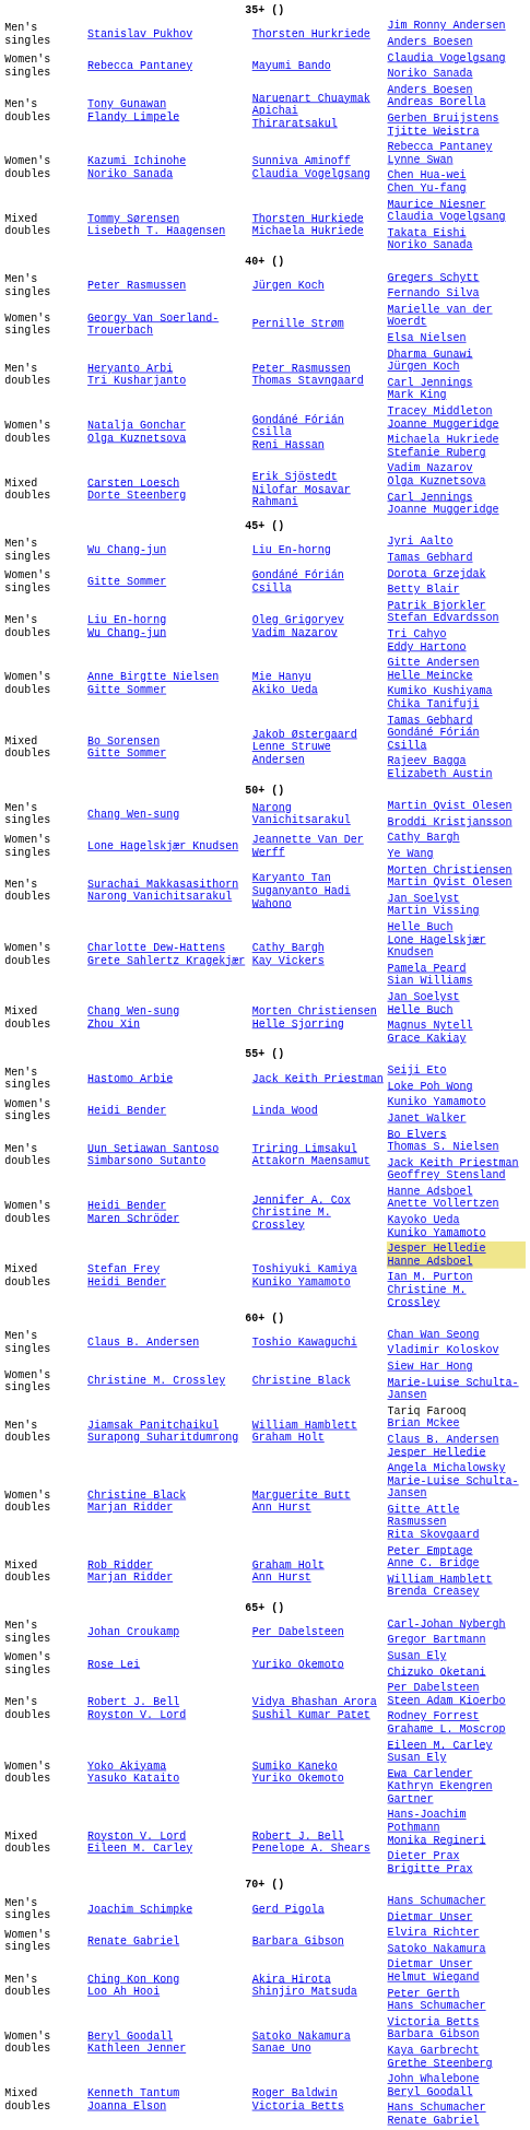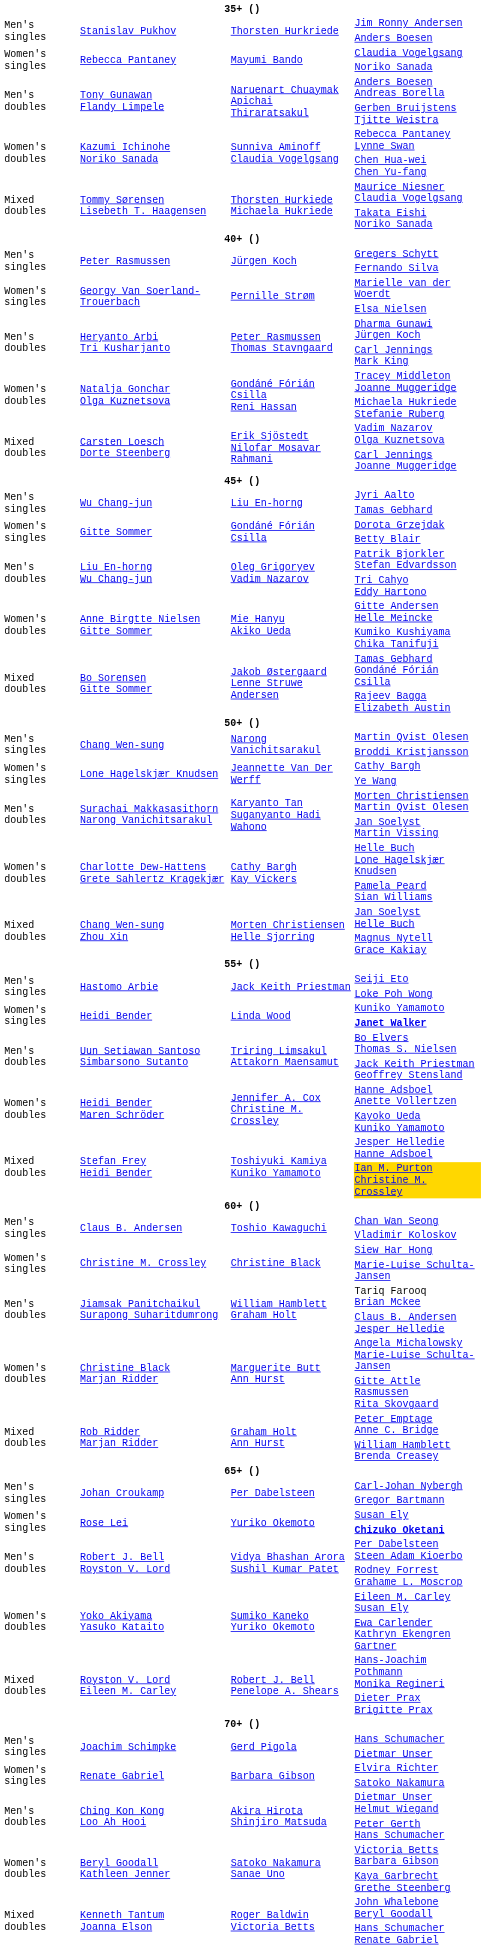 <table>
 <tr>
 <th colspan="4">35+ ()</th>
 </tr>
 <tr>
 <td rowspan="2">Men's singles</td>
 <td rowspan="2"> <a href='#'>Stanislav Pukhov</a></td>
 <td rowspan="2"> <a href='#'>Thorsten Hurkriede</a></td>
 <td> <a href='#'>Jim Ronny Andersen</a></td>
 </tr>
 <tr>
 <td> <a href='#'>Anders Boesen</a></td>
 </tr>
 <tr>
 <td rowspan="2">Women's singles</td>
 <td rowspan="2"> <a href='#'>Rebecca Pantaney</a></td>
 <td rowspan="2"> <a href='#'>Mayumi Bando</a></td>
 <td> <a href='#'>Claudia Vogelgsang</a></td>
 </tr>
 <tr>
 <td> <a href='#'>Noriko Sanada</a></td>
 </tr>
 <tr>
 <td rowspan="2">Men's doubles</td>
 <td rowspan="2"> <a href='#'>Tony Gunawan</a><br> <a href='#'>Flandy Limpele</a></td>
 <td rowspan="2"> <a href='#'>Naruenart Chuaymak</a><br> <a href='#'>Apichai Thiraratsakul</a></td>
 <td> <a href='#'>Anders Boesen</a><br> <a href='#'>Andreas Borella</a></td>
 </tr>
 <tr>
 <td> <a href='#'>Gerben Bruijstens</a><br> <a href='#'>Tjitte Weistra</a></td>
 </tr>
 <tr>
 <td rowspan="2">Women's doubles</td>
 <td rowspan="2"> <a href='#'>Kazumi Ichinohe</a><br> <a href='#'>Noriko Sanada</a></td>
 <td rowspan="2"> <a href='#'>Sunniva Aminoff</a><br> <a href='#'>Claudia Vogelgsang</a></td>
 <td> <a href='#'>Rebecca Pantaney</a><br> <a href='#'>Lynne Swan</a></td>
 </tr>
 <tr>
 <td> <a href='#'>Chen Hua-wei</a><br> <a href='#'>Chen Yu-fang</a></td>
 </tr>
 <tr>
 <td rowspan="2">Mixed doubles</td>
 <td rowspan="2"> <a href='#'>Tommy Sørensen</a><br> <a href='#'>Lisebeth T. Haagensen</a></td>
 <td rowspan="2"> <a href='#'>Thorsten Hurkiede</a><br> <a href='#'>Michaela Hukriede</a></td>
 <td> <a href='#'>Maurice Niesner</a><br> <a href='#'>Claudia Vogelgsang</a></td>
 </tr>
 <tr>
 <td> <a href='#'>Takata Eishi</a><br> <a href='#'>Noriko Sanada</a></td>
 </tr>
 <tr>
 <th colspan="4">40+ ()</th>
 </tr>
 <tr>
 <td rowspan="2">Men's singles</td>
 <td rowspan="2"> <a href='#'>Peter Rasmussen</a></td>
 <td rowspan="2"> <a href='#'>Jürgen Koch</a></td>
 <td> <a href='#'>Gregers Schytt</a></td>
 </tr>
 <tr>
 <td> <a href='#'>Fernando Silva</a></td>
 </tr>
 <tr>
 <td rowspan="2">Women's singles</td>
 <td rowspan="2"> <a href='#'>Georgy Van Soerland-Trouerbach</a></td>
 <td rowspan="2"> <a href='#'>Pernille Strøm</a></td>
 <td> <a href='#'>Marielle van der Woerdt</a></td>
 </tr>
 <tr>
 <td> <a href='#'>Elsa Nielsen</a></td>
 </tr>
 <tr>
 <td rowspan="2">Men's doubles</td>
 <td rowspan="2"> <a href='#'>Heryanto Arbi</a><br> <a href='#'>Tri Kusharjanto</a></td>
 <td rowspan="2"> <a href='#'>Peter Rasmussen</a><br> <a href='#'>Thomas Stavngaard</a></td>
 <td> <a href='#'>Dharma Gunawi</a><br> <a href='#'>Jürgen Koch</a></td>
 </tr>
 <tr>
 <td> <a href='#'>Carl Jennings</a><br> <a href='#'>Mark King</a></td>
 </tr>
 <tr>
 <td rowspan="2">Women's doubles</td>
 <td rowspan="2"> <a href='#'>Natalja Gonchar</a><br> <a href='#'>Olga Kuznetsova</a></td>
 <td rowspan="2"> <a href='#'>Gondáné Fórián Csilla</a><br> <a href='#'>Reni Hassan</a></td>
 <td> <a href='#'>Tracey Middleton</a><br> <a href='#'>Joanne Muggeridge</a></td>
 </tr>
 <tr>
 <td> <a href='#'>Michaela Hukriede</a><br> <a href='#'>Stefanie Ruberg</a></td>
 </tr>
 <tr>
 <td rowspan="2">Mixed doubles</td>
 <td rowspan="2"> <a href='#'>Carsten Loesch</a><br> <a href='#'>Dorte Steenberg</a></td>
 <td rowspan="2"> <a href='#'>Erik Sjöstedt</a><br> <a href='#'>Nilofar Mosavar Rahmani</a></td>
 <td> <a href='#'>Vadim Nazarov</a><br> <a href='#'>Olga Kuznetsova</a></td>
 </tr>
 <tr>
 <td> <a href='#'>Carl Jennings</a><br> <a href='#'>Joanne Muggeridge</a></td>
 </tr>
 <tr>
 <th colspan="4">45+ ()</th>
 </tr>
 <tr>
 <td rowspan="2">Men's singles</td>
 <td rowspan="2"> <a href='#'>Wu Chang-jun</a></td>
 <td rowspan="2"> <a href='#'>Liu En-horng</a></td>
 <td> <a href='#'>Jyri Aalto</a></td>
 </tr>
 <tr>
 <td> <a href='#'>Tamas Gebhard</a></td>
 </tr>
 <tr>
 <td rowspan="2">Women's singles</td>
 <td rowspan="2"> <a href='#'>Gitte Sommer</a></td>
 <td rowspan="2"> <a href='#'>Gondáné Fórián Csilla</a></td>
 <td> <a href='#'>Dorota Grzejdak</a></td>
 </tr>
 <tr>
 <td> <a href='#'>Betty Blair</a></td>
 </tr>
 <tr>
 <td rowspan="2">Men's doubles</td>
 <td rowspan="2"> <a href='#'>Liu En-horng</a><br> <a href='#'>Wu Chang-jun</a></td>
 <td rowspan="2"> <a href='#'>Oleg Grigoryev</a><br> <a href='#'>Vadim Nazarov</a></td>
 <td> <a href='#'>Patrik Bjorkler</a><br> <a href='#'>Stefan Edvardsson</a></td>
 </tr>
 <tr>
 <td> <a href='#'>Tri Cahyo</a><br> <a href='#'>Eddy Hartono</a></td>
 </tr>
 <tr>
 <td rowspan="2">Women's doubles</td>
 <td rowspan="2"> <a href='#'>Anne Birgtte Nielsen</a><br> <a href='#'>Gitte Sommer</a></td>
 <td rowspan="2"> <a href='#'>Mie Hanyu</a><br> <a href='#'>Akiko Ueda</a></td>
 <td> <a href='#'>Gitte Andersen</a><br> <a href='#'>Helle Meincke</a></td>
 </tr>
 <tr>
 <td> <a href='#'>Kumiko Kushiyama</a><br> <a href='#'>Chika Tanifuji</a></td>
 </tr>
 <tr>
 <td rowspan="2">Mixed doubles</td>
 <td rowspan="2"> <a href='#'>Bo Sorensen</a><br> <a href='#'>Gitte Sommer</a></td>
 <td rowspan="2"> <a href='#'>Jakob Østergaard</a><br> <a href='#'>Lenne Struwe Andersen</a></td>
 <td> <a href='#'>Tamas Gebhard</a><br> <a href='#'>Gondáné Fórián Csilla</a></td>
 </tr>
 <tr>
 <td> <a href='#'>Rajeev Bagga</a><br> <a href='#'>Elizabeth Austin</a></td>
 </tr>
 <tr>
 <th colspan="4">50+ ()</th>
 </tr>
 <tr>
 <td rowspan="2">Men's singles</td>
 <td rowspan="2"> <a href='#'>Chang Wen-sung</a></td>
 <td rowspan="2"> <a href='#'>Narong Vanichitsarakul</a></td>
 <td> <a href='#'>Martin Qvist Olesen</a></td>
 </tr>
 <tr>
 <td> <a href='#'>Broddi Kristjansson</a></td>
 </tr>
 <tr>
 <td rowspan="2">Women's singles</td>
 <td rowspan="2"> <a href='#'>Lone Hagelskjær Knudsen</a></td>
 <td rowspan="2"> <a href='#'>Jeannette Van Der Werff</a></td>
 <td> <a href='#'>Cathy Bargh</a></td>
 </tr>
 <tr>
 <td> <a href='#'>Ye Wang</a></td>
 </tr>
 <tr>
 <td rowspan="2">Men's doubles</td>
 <td rowspan="2"> <a href='#'>Surachai Makkasasithorn</a><br> <a href='#'>Narong Vanichitsarakul</a></td>
 <td rowspan="2"> <a href='#'>Karyanto Tan</a><br> <a href='#'>Suganyanto Hadi Wahono</a></td>
 <td> <a href='#'>Morten Christiensen</a><br> <a href='#'>Martin Qvist Olesen</a></td>
 </tr>
 <tr>
 <td> <a href='#'>Jan Soelyst</a><br> <a href='#'>Martin Vissing</a></td>
 </tr>
 <tr>
 <td rowspan="2">Women's doubles</td>
 <td rowspan="2"> <a href='#'>Charlotte Dew-Hattens</a><br> <a href='#'>Grete Sahlertz Kragekjær</a></td>
 <td rowspan="2"> <a href='#'>Cathy Bargh</a><br> <a href='#'>Kay Vickers</a></td>
 <td> <a href='#'>Helle Buch</a><br> <a href='#'>Lone Hagelskjær Knudsen</a></td>
 </tr>
 <tr>
 <td> <a href='#'>Pamela Peard</a><br> <a href='#'>Sian Williams</a></td>
 </tr>
 <tr>
 <td rowspan="2">Mixed doubles</td>
 <td rowspan="2"> <a href='#'>Chang Wen-sung</a><br> <a href='#'>Zhou Xin</a></td>
 <td rowspan="2"> <a href='#'>Morten Christiensen</a><br> <a href='#'>Helle Sjorring</a></td>
 <td> <a href='#'>Jan Soelyst</a><br> <a href='#'>Helle Buch</a></td>
 </tr>
 <tr>
 <td> <a href='#'>Magnus Nytell</a><br> <a href='#'>Grace Kakiay</a></td>
 </tr>
 <tr>
 <th colspan="4">55+ ()</th>
 </tr>
 <tr>
 <td rowspan="2">Men's singles</td>
 <td rowspan="2"> <a href='#'>Hastomo Arbie</a></td>
 <td rowspan="2"> <a href='#'>Jack Keith Priestman</a></td>
 <td> <a href='#'>Seiji Eto</a></td>
 </tr>
 <tr>
 <td> <a href='#'>Loke Poh Wong</a></td>
 </tr>
 <tr>
 <td rowspan="2">Women's singles</td>
 <td rowspan="2"> <a href='#'>Heidi Bender</a></td>
 <td rowspan="2"> <a href='#'>Linda Wood</a></td>
 <td> <a href='#'>Kuniko Yamamoto</a></td>
 </tr>
 <tr>
-<td> <a href='#'>Janet Walker</a></td>
+<td><strong> <a href='#'>Janet Walker</a></strong></td>
 </tr>
 <tr>
 <td rowspan="2">Men's doubles</td>
 <td rowspan="2"> <a href='#'>Uun Setiawan Santoso</a><br> <a href='#'>Simbarsono Sutanto</a></td>
 <td rowspan="2"> <a href='#'>Triring Limsakul</a><br> <a href='#'>Attakorn Maensamut</a></td>
 <td> <a href='#'>Bo Elvers</a><br> <a href='#'>Thomas S. Nielsen</a></td>
 </tr>
 <tr>
 <td> <a href='#'>Jack Keith Priestman</a><br> <a href='#'>Geoffrey Stensland</a></td>
 </tr>
 <tr>
 <td rowspan="2">Women's doubles</td>
 <td rowspan="2"> <a href='#'>Heidi Bender</a><br> <a href='#'>Maren Schröder</a></td>
 <td rowspan="2"> <a href='#'>Jennifer A. Cox</a><br> <a href='#'>Christine M. Crossley</a></td>
 <td> <a href='#'>Hanne Adsboel</a><br> <a href='#'>Anette Vollertzen</a></td>
 </tr>
 <tr>
 <td> <a href='#'>Kayoko Ueda</a><br> <a href='#'>Kuniko Yamamoto</a></td>
 </tr>
 <tr>
 <td rowspan="2">Mixed doubles</td>
 <td rowspan="2"> <a href='#'>Stefan Frey</a><br> <a href='#'>Heidi Bender</a></td>
 <td rowspan="2"> <a href='#'>Toshiyuki Kamiya</a><br> <a href='#'>Kuniko Yamamoto</a></td>
-<td style="background: khaki;"> <a href='#'>Jesper Helledie</a><br> <a href='#'>Hanne Adsboel</a></td>
+<td> <a href='#'>Jesper Helledie</a><br> <a href='#'>Hanne Adsboel</a></td>
 </tr>
 <tr>
-<td> <a href='#'>Ian M. Purton</a><br> <a href='#'>Christine M. Crossley</a></td>
+<td style="background: gold;"> <a href='#'>Ian M. Purton</a><br> <a href='#'>Christine M. Crossley</a></td>
 </tr>
 <tr>
 <th colspan="4">60+ ()</th>
 </tr>
 <tr>
 <td rowspan="2">Men's singles</td>
 <td rowspan="2"> <a href='#'>Claus B. Andersen</a></td>
 <td rowspan="2"> <a href='#'>Toshio Kawaguchi</a></td>
 <td> <a href='#'>Chan Wan Seong</a></td>
 </tr>
 <tr>
 <td> <a href='#'>Vladimir Koloskov</a></td>
 </tr>
 <tr>
 <td rowspan="2">Women's singles</td>
 <td rowspan="2"> <a href='#'>Christine M. Crossley</a></td>
 <td rowspan="2"> <a href='#'>Christine Black</a></td>
 <td> <a href='#'>Siew Har Hong</a></td>
 </tr>
 <tr>
 <td> <a href='#'>Marie-Luise Schulta-Jansen</a></td>
 </tr>
 <tr>
 <td rowspan="2">Men's doubles</td>
 <td rowspan="2"> <a href='#'>Jiamsak Panitchaikul</a><br> <a href='#'>Surapong Suharitdumrong</a></td>
 <td rowspan="2"> <a href='#'>William Hamblett</a><br> <a href='#'>Graham Holt</a></td>
 <td> Tariq Farooq<br> <a href='#'>Brian Mckee</a></td>
 </tr>
 <tr>
 <td> <a href='#'>Claus B. Andersen</a><br> <a href='#'>Jesper Helledie</a></td>
 </tr>
 <tr>
 <td rowspan="2">Women's doubles</td>
 <td rowspan="2"> <a href='#'>Christine Black</a><br> <a href='#'>Marjan Ridder</a></td>
 <td rowspan="2"> <a href='#'>Marguerite Butt</a><br> <a href='#'>Ann Hurst</a></td>
 <td> <a href='#'>Angela Michalowsky</a><br> <a href='#'>Marie-Luise Schulta-Jansen</a></td>
 </tr>
 <tr>
 <td> <a href='#'>Gitte Attle Rasmussen</a><br> <a href='#'>Rita Skovgaard</a></td>
 </tr>
 <tr>
 <td rowspan="2">Mixed doubles</td>
 <td rowspan="2"> <a href='#'>Rob Ridder</a><br> <a href='#'>Marjan Ridder</a></td>
 <td rowspan="2"> <a href='#'>Graham Holt</a><br> <a href='#'>Ann Hurst</a></td>
 <td> <a href='#'>Peter Emptage</a><br> <a href='#'>Anne C. Bridge</a></td>
 </tr>
 <tr>
 <td> <a href='#'>William Hamblett</a><br> <a href='#'>Brenda Creasey</a></td>
 </tr>
 <tr>
 <th colspan="4">65+ ()</th>
 </tr>
 <tr>
 <td rowspan="2">Men's singles</td>
 <td rowspan="2"> <a href='#'>Johan Croukamp</a></td>
 <td rowspan="2"> <a href='#'>Per Dabelsteen</a></td>
 <td> <a href='#'>Carl-Johan Nybergh</a></td>
 </tr>
 <tr>
 <td> <a href='#'>Gregor Bartmann</a></td>
 </tr>
 <tr>
 <td rowspan="2">Women's singles</td>
 <td rowspan="2"> <a href='#'>Rose Lei</a></td>
 <td rowspan="2"> <a href='#'>Yuriko Okemoto</a></td>
 <td> <a href='#'>Susan Ely</a></td>
 </tr>
 <tr>
-<td> <a href='#'>Chizuko Oketani</a></td>
+<td><strong> <a href='#'>Chizuko Oketani</a></strong></td>
 </tr>
 <tr>
 <td rowspan="2">Men's doubles</td>
 <td rowspan="2"> <a href='#'>Robert J. Bell</a><br> <a href='#'>Royston V. Lord</a></td>
 <td rowspan="2"> <a href='#'>Vidya Bhashan Arora</a><br> <a href='#'>Sushil Kumar Patet</a></td>
 <td> <a href='#'>Per Dabelsteen</a><br> <a href='#'>Steen Adam Kioerbo</a></td>
 </tr>
 <tr>
 <td> <a href='#'>Rodney Forrest</a><br> <a href='#'>Grahame L. Moscrop</a></td>
 </tr>
 <tr>
 <td rowspan="2">Women's doubles</td>
 <td rowspan="2"> <a href='#'>Yoko Akiyama</a><br> <a href='#'>Yasuko Kataito</a></td>
 <td rowspan="2"> <a href='#'>Sumiko Kaneko</a><br> <a href='#'>Yuriko Okemoto</a></td>
 <td> <a href='#'>Eileen M. Carley</a><br> <a href='#'>Susan Ely</a></td>
 </tr>
 <tr>
 <td> <a href='#'>Ewa Carlender</a><br> <a href='#'>Kathryn Ekengren Gartner</a></td>
 </tr>
 <tr>
 <td rowspan="2">Mixed doubles</td>
 <td rowspan="2"> <a href='#'>Royston V. Lord</a><br> <a href='#'>Eileen M. Carley</a></td>
 <td rowspan="2"> <a href='#'>Robert J. Bell</a><br> <a href='#'>Penelope A. Shears</a></td>
 <td> <a href='#'>Hans-Joachim Pothmann</a><br> <a href='#'>Monika Regineri</a></td>
 </tr>
 <tr>
 <td> <a href='#'>Dieter Prax</a><br> <a href='#'>Brigitte Prax</a></td>
 </tr>
 <tr>
 <th colspan="4">70+ ()</th>
 </tr>
 <tr>
 <td rowspan="2">Men's singles</td>
 <td rowspan="2"> <a href='#'>Joachim Schimpke</a></td>
 <td rowspan="2"> <a href='#'>Gerd Pigola</a></td>
 <td> <a href='#'>Hans Schumacher</a></td>
 </tr>
 <tr>
 <td> <a href='#'>Dietmar Unser</a></td>
 </tr>
 <tr>
 <td rowspan="2">Women's singles</td>
 <td rowspan="2"> <a href='#'>Renate Gabriel</a></td>
 <td rowspan="2"> <a href='#'>Barbara Gibson</a></td>
 <td> <a href='#'>Elvira Richter</a></td>
 </tr>
 <tr>
 <td> <a href='#'>Satoko Nakamura</a></td>
 </tr>
 <tr>
 <td rowspan="2">Men's doubles</td>
 <td rowspan="2"> <a href='#'>Ching Kon Kong</a><br> <a href='#'>Loo Ah Hooi</a></td>
 <td rowspan="2"> <a href='#'>Akira Hirota</a><br> <a href='#'>Shinjiro Matsuda</a></td>
 <td> <a href='#'>Dietmar Unser</a><br> <a href='#'>Helmut Wiegand</a></td>
 </tr>
 <tr>
 <td> <a href='#'>Peter Gerth</a><br> <a href='#'>Hans Schumacher</a></td>
 </tr>
 <tr>
 <td rowspan="2">Women's doubles</td>
 <td rowspan="2"> <a href='#'>Beryl Goodall</a><br> <a href='#'>Kathleen Jenner</a></td>
 <td rowspan="2"> <a href='#'>Satoko Nakamura</a><br> <a href='#'>Sanae Uno</a></td>
 <td> <a href='#'>Victoria Betts</a><br> <a href='#'>Barbara Gibson</a></td>
 </tr>
 <tr>
 <td> <a href='#'>Kaya Garbrecht</a><br> <a href='#'>Grethe Steenberg</a></td>
 </tr>
 <tr>
 <td rowspan="2">Mixed doubles</td>
 <td rowspan="2"> <a href='#'>Kenneth Tantum</a><br> <a href='#'>Joanna Elson</a></td>
 <td rowspan="2"> <a href='#'>Roger Baldwin</a><br> <a href='#'>Victoria Betts</a></td>
 <td> <a href='#'>John Whalebone</a><br> <a href='#'>Beryl Goodall</a></td>
 </tr>
 <tr>
 <td> <a href='#'>Hans Schumacher</a><br> <a href='#'>Renate Gabriel</a></td>
 </tr>
 </table>
